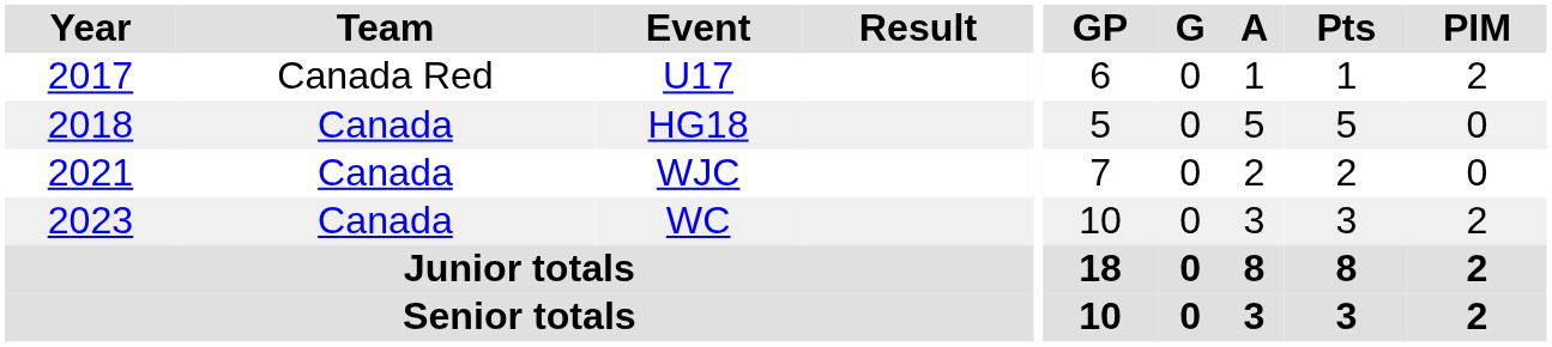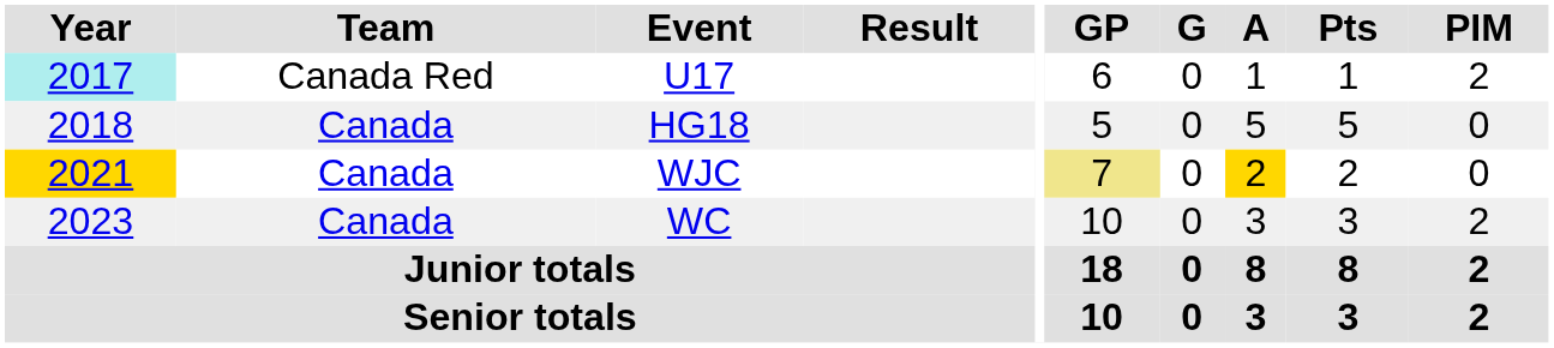 <table border="0" cellpadding="1" cellspacing="0" ID="Table3" style="text-align:center; width:40em;">
 <tr bgcolor="#e0e0e0">
 <th>Year</th>
 <th>Team</th>
 <th>Event</th>
 <th>Result</th>
 <th rowspan="99" bgcolor="#ffffff"></th>
 <th>GP</th>
 <th>G</th>
 <th>A</th>
 <th>Pts</th>
 <th>PIM</th>
 </tr>
 <tr>
-<td><a href='#'>2017</a></td>
+<td style="background: paleturquoise;"><a href='#'>2017</a></td>
 <td>Canada Red</td>
 <td><a href='#'>U17</a></td>
 <td></td>
 <td>6</td>
 <td>0</td>
 <td>1</td>
 <td>1</td>
 <td>2</td>
 </tr>
 <tr bgcolor="#f0f0f0">
 <td><a href='#'>2018</a></td>
 <td><a href='#'>Canada</a></td>
 <td><a href='#'>HG18</a></td>
 <td></td>
 <td>5</td>
 <td>0</td>
 <td>5</td>
 <td>5</td>
 <td>0</td>
 </tr>
 <tr>
-<td><a href='#'>2021</a></td>
+<td style="background: gold;"><a href='#'>2021</a></td>
 <td><a href='#'>Canada</a></td>
 <td><a href='#'>WJC</a></td>
 <td></td>
-<td>7</td>
+<td style="background: khaki;">7</td>
 <td>0</td>
-<td>2</td>
+<td style="background: gold;">2</td>
 <td>2</td>
 <td>0</td>
 </tr>
 <tr bgcolor="#f0f0f0">
 <td><a href='#'>2023</a></td>
 <td><a href='#'>Canada</a></td>
 <td><a href='#'>WC</a></td>
 <td></td>
 <td>10</td>
 <td>0</td>
 <td>3</td>
 <td>3</td>
 <td>2</td>
 </tr>
 <tr bgcolor="#e0e0e0">
 <th colspan="4">Junior totals</th>
 <th>18</th>
 <th>0</th>
 <th>8</th>
 <th>8</th>
 <th>2</th>
 </tr>
 <tr bgcolor="#e0e0e0">
 <th colspan="4">Senior totals</th>
 <th>10</th>
 <th>0</th>
 <th>3</th>
 <th>3</th>
 <th>2</th>
 </tr>
 </table>
